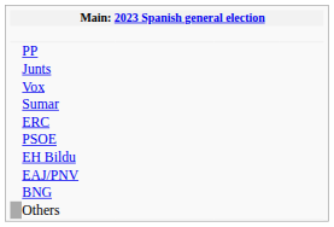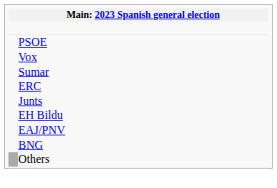 <table class="infobox vcard" style="width:23.0em; padding:0.3em; padding-bottom:0em;" cellspacing=0>
 <tr>
 <td style="background:#F2F2F2; vertical-align:middle; padding:0.4em;" width="30px"></td>
 <th colspan="4" style="text-align:center; background:#F2F2F2; font-size:0.85em; width:100%; vertical-align:middle;">Main: <a href='#'>2023 Spanish general election</a></th>
 </tr>
 <tr>
 <td colspan="5" style="text-align:center; font-size:0.85em; padding:0.5em 0em;">  </td>
 </tr>
 <tr>
 <td colspan="5"></td>
 </tr>
 <tr>
 <td colspan="5"></td>
 </tr>
 <tr>
 <th colspan="2" width="85px" style="background:#F2F2F2;"></th>
 <th width="70px" style="background:#F2F2F2;"></th>
 <th width="45px" style="background:#F2F2F2;"></th>
 <th width="30px" style="background:#F2F2F2;"></th>
 </tr>
 <tr>
 <td style="background:"></td>
-<td><a href='#'>PP</a></td>
-<td></td>
-<td></td>
-<td></td>
-</tr>
-<tr>
-<td style="background:"></td>
-<td><a href='#'>Junts</a></td>
+<td><a href='#'>PSOE</a></td>
 <td></td>
 <td></td>
 <td></td>
 </tr>
 <tr>
 <td style="background:"></td>
 <td><a href='#'>Vox</a></td>
 <td></td>
 <td></td>
 <td></td>
 </tr>
 <tr>
 <td style="background:"></td>
 <td><a href='#'>Sumar</a></td>
 <td></td>
 <td></td>
 <td></td>
 </tr>
 <tr>
 <td style="background:"></td>
 <td><a href='#'>ERC</a></td>
 <td></td>
 <td></td>
 <td></td>
 </tr>
 <tr>
 <td style="background:"></td>
-<td><a href='#'>PSOE</a></td>
+<td><a href='#'>Junts</a></td>
 <td></td>
 <td></td>
 <td></td>
 </tr>
 <tr>
 <td style="background:"></td>
 <td><a href='#'>EH Bildu</a></td>
 <td></td>
 <td></td>
 <td></td>
 </tr>
 <tr>
 <td style="background:"></td>
 <td><a href='#'>EAJ/PNV</a></td>
 <td></td>
 <td></td>
 <td></td>
 </tr>
 <tr>
 <td style="background:"></td>
 <td><a href='#'>BNG</a></td>
 <td></td>
 <td></td>
 <td></td>
 </tr>
 <tr>
 <td style="background:#AAAAAA;"></td>
 <td>Others</td>
 <td></td>
 <td></td>
 <td></td>
 </tr>
 <tr>
 <th colspan="2" style="background:#F2F2F2;"></th>
 <th style="background:#F2F2F2;"></th>
 <th style="background:#F2F2F2;"></th>
 <th style="background:#F2F2F2;"></th>
 </tr>
 </table>
